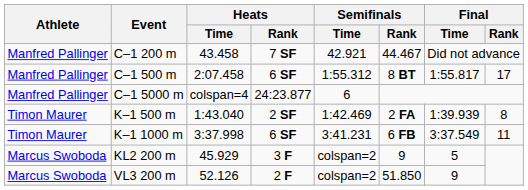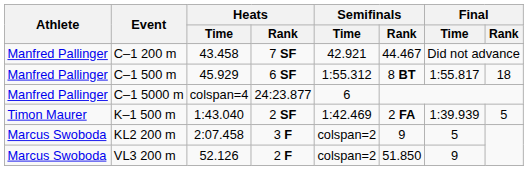 <table class=wikitable style="font-size:90%">
 <tr>
 <th rowspan="2">Athlete</th>
 <th rowspan="2">Event</th>
 <th colspan=2>Heats</th>
 <th colspan=2>Semifinals</th>
 <th colspan=2>Final</th>
 </tr>
 <tr style="font-size:95%">
 <th>Time</th>
 <th>Rank</th>
 <th>Time</th>
 <th>Rank</th>
 <th>Time</th>
 <th>Rank</th>
 </tr>
 <tr align=center>
 <td align=left><a href='#'>Manfred Pallinger</a></td>
 <td align=left>C–1 200 m</td>
 <td>43.458</td>
 <td>7 <strong>SF</strong></td>
 <td>42.921</td>
 <td>44.467</td>
 <td colspan=2>Did not advance</td>
 </tr>
 <tr align=center>
 <td align=left><a href='#'>Manfred Pallinger</a></td>
 <td align=left>C–1 500 m</td>
-<td>2:07.458</td>
+<td>45.929</td>
 <td>6 <strong>SF</strong></td>
 <td>1:55.312</td>
 <td>8 <strong>BT</strong></td>
 <td>1:55.817</td>
-<td>17</td>
+<td>18</td>
 </tr>
 <tr align=center>
 <td align=left><a href='#'>Manfred Pallinger</a></td>
 <td align=left>C–1 5000 m</td>
 <td>colspan=4</td>
 <td>24:23.877</td>
 <td>6</td>
 </tr>
 <tr align=center>
 <td align=left><a href='#'>Timon Maurer</a></td>
 <td align=left>K–1 500 m</td>
 <td>1:43.040</td>
 <td>2 <strong>SF</strong></td>
 <td>1:42.469</td>
 <td>2 <strong>FA</strong></td>
 <td>1:39.939</td>
-<td>8</td>
-</tr>
-<tr align=center>
-<td align=left><a href='#'>Timon Maurer</a></td>
-<td align=left>K–1 1000 m</td>
-<td>3:37.998</td>
-<td>6 <strong>SF</strong></td>
-<td>3:41.231</td>
-<td>6 <strong>FB</strong></td>
-<td>3:37.549</td>
-<td>11</td>
+<td>5</td>
 </tr>
 <tr align=center>
 <td align=left><a href='#'>Marcus Swoboda</a></td>
 <td align=left>KL2 200 m</td>
-<td>45.929</td>
+<td>2:07.458</td>
 <td>3 <strong>F</strong></td>
 <td>colspan=2</td>
 <td>9</td>
 <td>5</td>
 </tr>
 <tr align=center>
 <td align=left><a href='#'>Marcus Swoboda</a></td>
 <td align=left>VL3 200 m</td>
 <td>52.126</td>
 <td>2 <strong>F</strong></td>
 <td>colspan=2</td>
 <td>51.850</td>
 <td>9</td>
 </tr>
 </table>
